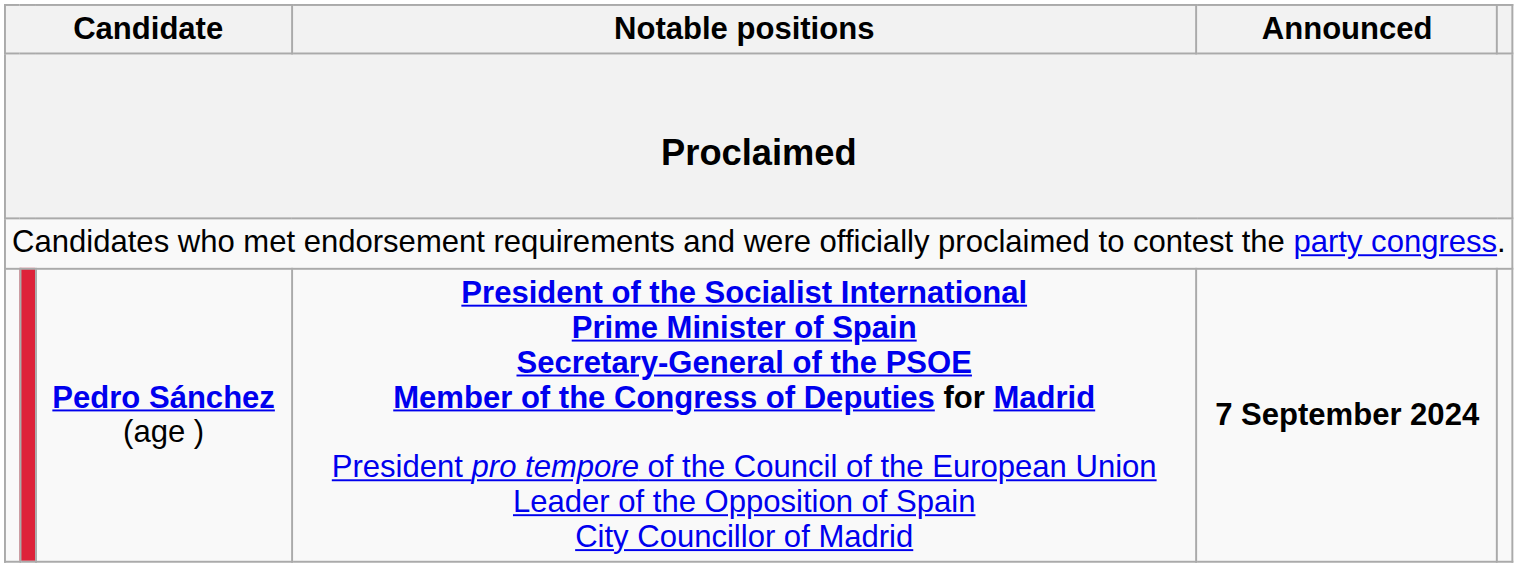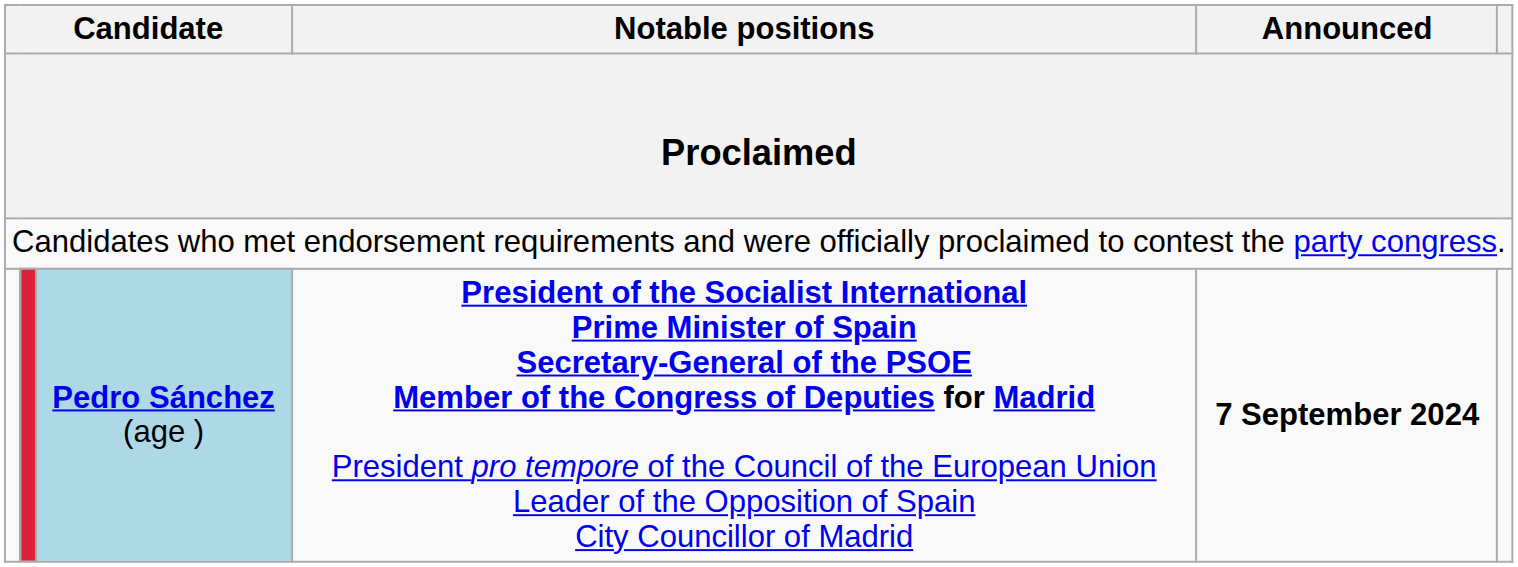 <table class="wikitable" style="text-align:center;">
 <tr>
 <th colspan="3">Candidate</th>
 <th>Notable positions</th>
 <th>Announced</th>
 <th></th>
 </tr>
 <tr>
 <th colspan="6"><br><h3>Proclaimed</h3></th>
 </tr>
 <tr>
 <td colspan="6">Candidates who met endorsement requirements and were officially proclaimed to contest the <a href='#'>party congress</a>.</td>
 </tr>
 <tr>
 <td></td>
 <td style="color:inherit;background:#DD2239"></td>
-<td><strong><a href='#'>Pedro Sánchez</a></strong><br>(age )</td>
+<td style="background: lightblue;"><strong><a href='#'>Pedro Sánchez</a></strong><br>(age )</td>
 <td><strong><a href='#'>President of the Socialist International</a> <br><a href='#'>Prime Minister of Spain</a> <br><a href='#'>Secretary-General of the PSOE</a> <br><a href='#'>Member of the Congress of Deputies</a> for <a href='#'>Madrid</a><br></strong><br><a href='#'>President <em>pro tempore</em> of the Council of the European Union</a> <br><a href='#'>Leader of the Opposition of Spain</a> <br><a href='#'>City Councillor of Madrid</a> </td>
 <td><strong>7 September 2024</strong></td>
 <td><br><br></td>
 </tr>
 </table>
